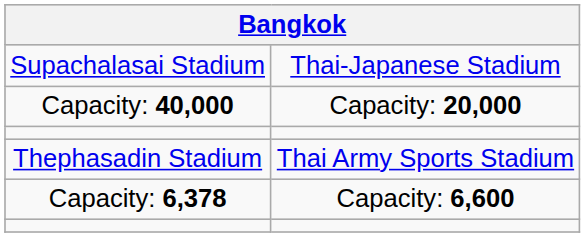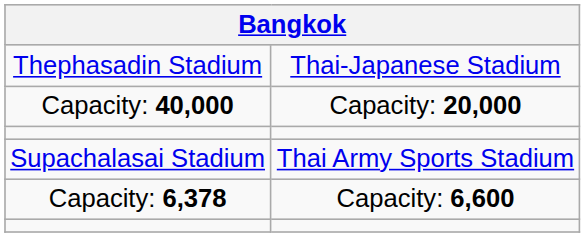 <table class="wikitable" style="text-align:center;margin:1em auto;">
 <tr>
 <th colspan=2><a href='#'>Bangkok</a></th>
 </tr>
 <tr>
-<td><a href='#'>Supachalasai Stadium</a></td>
+<td><a href='#'>Thephasadin Stadium</a></td>
 <td><a href='#'>Thai-Japanese Stadium</a></td>
 </tr>
 <tr>
 <td>Capacity: <strong>40,000</strong></td>
 <td>Capacity: <strong>20,000</strong></td>
 </tr>
 <tr>
 <td></td>
 <td></td>
 </tr>
 <tr>
-<td><a href='#'>Thephasadin Stadium</a></td>
+<td><a href='#'>Supachalasai Stadium</a></td>
 <td><a href='#'>Thai Army Sports Stadium</a></td>
 </tr>
 <tr>
 <td>Capacity: <strong>6,378</strong></td>
 <td>Capacity: <strong>6,600</strong></td>
 </tr>
 <tr>
 <td></td>
 <td></td>
 </tr>
 </table>
